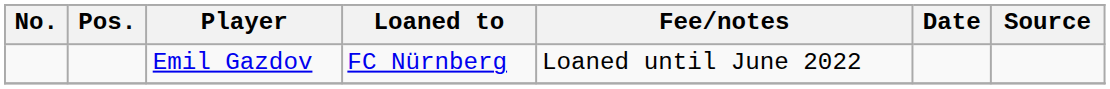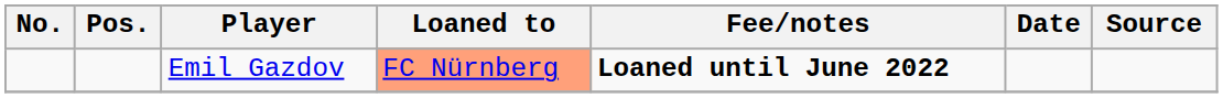 <table class="wikitable sortable" style="width:90%; text-align:center; font-size:95%; text-align:left;">
 <tr>
 <th>No.</th>
 <th>Pos.</th>
 <th>Player</th>
 <th>Loaned to</th>
 <th>Fee/notes</th>
 <th>Date</th>
 <th>Source</th>
 </tr>
 <tr>
 <td align=center></td>
 <td align=center></td>
 <td align=Gazdov, Emil> <a href='#'>Emil Gazdov</a></td>
-<td> <a href='#'>FC Nürnberg</a></td>
-<td>Loaned until June 2022</td>
+<td style="background: lightsalmon;"> <a href='#'>FC Nürnberg</a></td>
+<td><strong>Loaned until June 2022</strong></td>
 <td></td>
 <td></td>
 </tr>
 <tr>
 </tr>
 </table>
